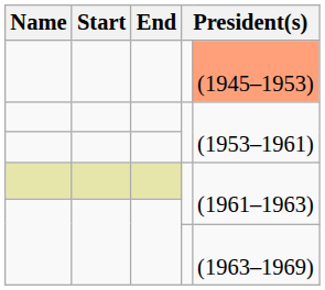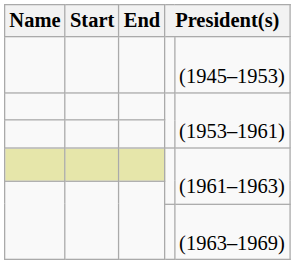 <table class="wikitable sortable">
 <tr>
 <th>Name</th>
 <th>Start</th>
 <th>End</th>
 <th colspan=2>President(s)</th>
 </tr>
 <tr>
 <td></td>
 <td></td>
 <td></td>
 <td style="background: "></td>
-<td style="background: lightsalmon;"><br>(1945–1953)</td>
+<td><br>(1945–1953)</td>
 </tr>
 <tr>
 <td></td>
 <td></td>
 <td></td>
 <td rowspan=2 style="background: "></td>
 <td rowspan=2><br>(1953–1961)</td>
 </tr>
 <tr>
 <td></td>
 <td></td>
 <td></td>
 </tr>
 <tr>
 <td style="background-color:#E6E6AA;"><br></td>
 <td style="background-color:#E6E6AA;"></td>
 <td style="background-color:#E6E6AA;"></td>
 <td rowspan=2 style="background: "></td>
 <td rowspan=2><br>(1961–1963)</td>
 </tr>
 <tr>
 <td rowspan=2></td>
 <td rowspan=2></td>
 <td rowspan=2></td>
 </tr>
 <tr>
 <td style="background: "></td>
 <td><br>(1963–1969)</td>
 </tr>
 </table>
